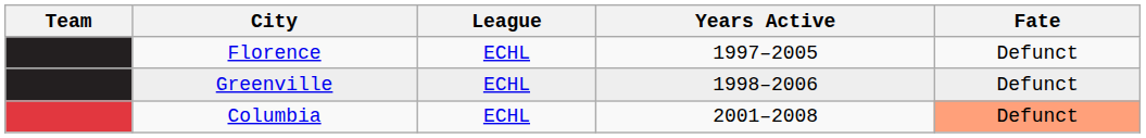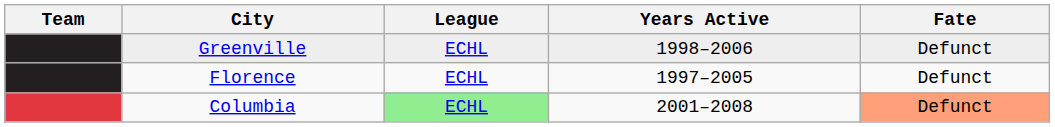 <table class="wikitable sortable" width="60%">
 <tr>
 <th>Team</th>
 <th>City</th>
 <th>League</th>
 <th>Years Active</th>
 <th>Fate</th>
-</tr>
-<tr align=center>
-<td style="color:white; background:#231f20; "><strong><a href='#'></a></strong></td>
-<td><a href='#'>Florence</a></td>
-<td><a href='#'>ECHL</a></td>
-<td>1997–2005</td>
-<td>Defunct</td>
 </tr>
 <tr align=center bgcolor=eeeeee>
 <td style="color:white; background:#231f20; "><strong><a href='#'></a></strong></td>
 <td><a href='#'>Greenville</a></td>
 <td><a href='#'>ECHL</a></td>
 <td>1998–2006</td>
 <td>Defunct</td>
 </tr>
 <tr align=center>
+<td style="color:white; background:#231f20; "><strong><a href='#'></a></strong></td>
+<td><a href='#'>Florence</a></td>
+<td><a href='#'>ECHL</a></td>
+<td>1997–2005</td>
+<td>Defunct</td>
+</tr>
+<tr align=center>
 <td style="color:white; background:#e2373f; "><strong><a href='#'></a></strong></td>
 <td><a href='#'>Columbia</a></td>
-<td><a href='#'>ECHL</a></td>
+<td style="background: lightgreen;"><a href='#'>ECHL</a></td>
 <td>2001–2008</td>
 <td style="background: lightsalmon;">Defunct</td>
 </tr>
 </table>
